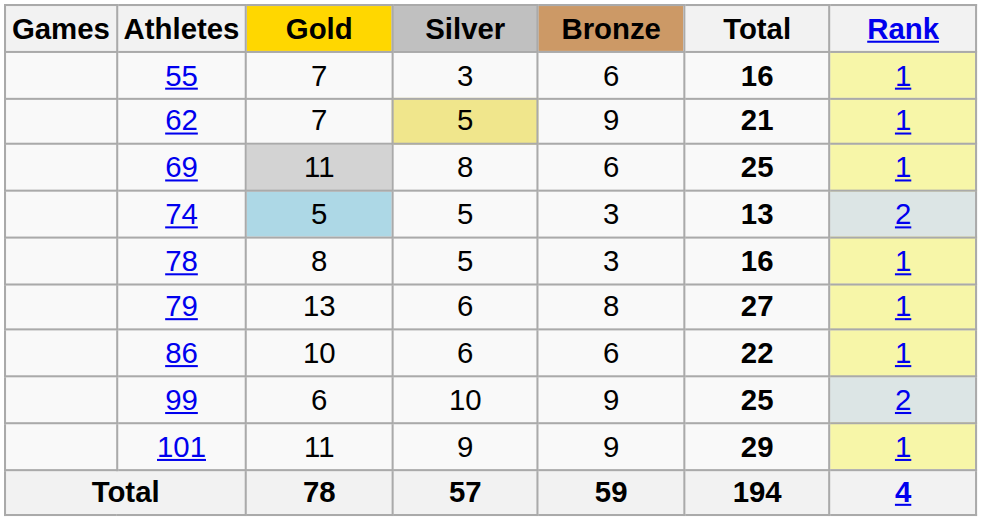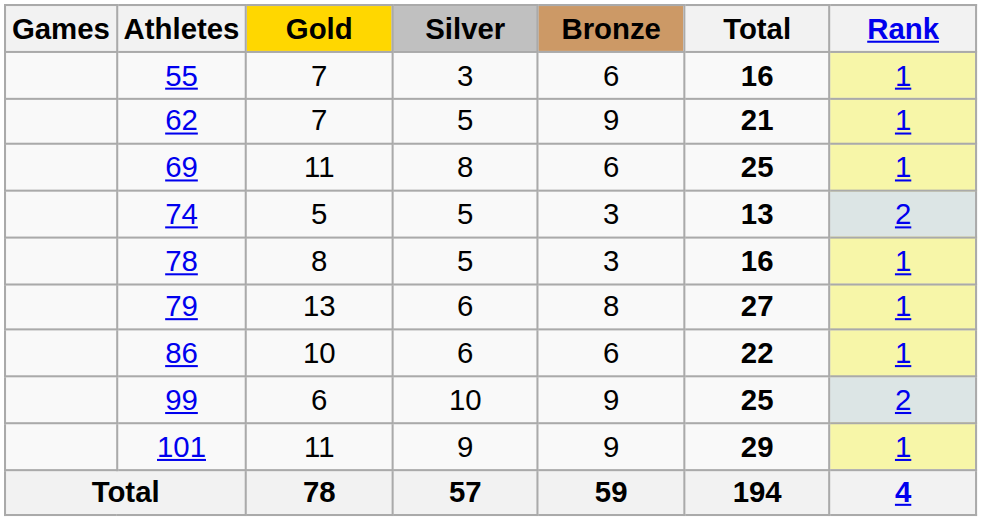 <table class="wikitable" style="text-align:center; font-size:90%;">
 <tr>
 <th>Games</th>
 <th>Athletes</th>
 <td style="background:gold; width:4.5em; font-weight:bold;">Gold</td>
 <td style="background:silver; width:4.5em; font-weight:bold;">Silver</td>
 <td style="background:#cc9966; width:4.5em; font-weight:bold;">Bronze</td>
 <th style="width:4.5em; font-weight:bold;">Total</th>
 <th style="width:4.5em; font-weight:bold;"><a href='#'>Rank</a></th>
 </tr>
 <tr>
 <td align=left></td>
 <td><a href='#'>55</a></td>
 <td>7</td>
 <td>3</td>
 <td>6</td>
 <td><strong>16</strong></td>
 <td bgcolor=F7F6A8><a href='#'>1</a></td>
 </tr>
 <tr>
 <td align=left></td>
 <td><a href='#'>62</a></td>
 <td>7</td>
-<td style="background: khaki;">5</td>
+<td>5</td>
 <td>9</td>
 <td><strong>21</strong></td>
 <td bgcolor=F7F6A8><a href='#'>1</a></td>
 </tr>
 <tr>
 <td align=left></td>
 <td><a href='#'>69</a></td>
-<td style="background: lightgrey;">11</td>
+<td>11</td>
 <td>8</td>
 <td>6</td>
 <td><strong>25</strong></td>
 <td bgcolor=F7F6A8><a href='#'>1</a></td>
 </tr>
 <tr>
 <td align=left></td>
 <td><a href='#'>74</a></td>
-<td style="background: lightblue;">5</td>
+<td>5</td>
 <td>5</td>
 <td>3</td>
 <td><strong>13</strong></td>
 <td bgcolor=DCE5E5><a href='#'>2</a></td>
 </tr>
 <tr>
 <td align=left></td>
 <td><a href='#'>78</a></td>
 <td>8</td>
 <td>5</td>
 <td>3</td>
 <td><strong>16</strong></td>
 <td bgcolor=F7F6A8><a href='#'>1</a></td>
 </tr>
 <tr>
 <td align=left></td>
 <td><a href='#'>79</a></td>
 <td>13</td>
 <td>6</td>
 <td>8</td>
 <td><strong>27</strong></td>
 <td bgcolor=F7F6A8><a href='#'>1</a></td>
 </tr>
 <tr>
 <td align=left></td>
 <td><a href='#'>86</a></td>
 <td>10</td>
 <td>6</td>
 <td>6</td>
 <td><strong>22</strong></td>
 <td bgcolor=F7F6A8><a href='#'>1</a></td>
 </tr>
 <tr>
 <td align=left></td>
 <td><a href='#'>99</a></td>
 <td>6</td>
 <td>10</td>
 <td>9</td>
 <td><strong>25</strong></td>
 <td bgcolor=DCE5E5><a href='#'>2</a></td>
 </tr>
 <tr>
 <td align=left></td>
 <td><a href='#'>101</a></td>
 <td>11</td>
 <td>9</td>
 <td>9</td>
 <td><strong>29</strong></td>
 <td bgcolor=F7F6A8><a href='#'>1</a></td>
 </tr>
 <tr>
 <th colspan=2>Total</th>
 <th>78</th>
 <th>57</th>
 <th>59</th>
 <th>194</th>
 <th><a href='#'>4</a></th>
 </tr>
 </table>
